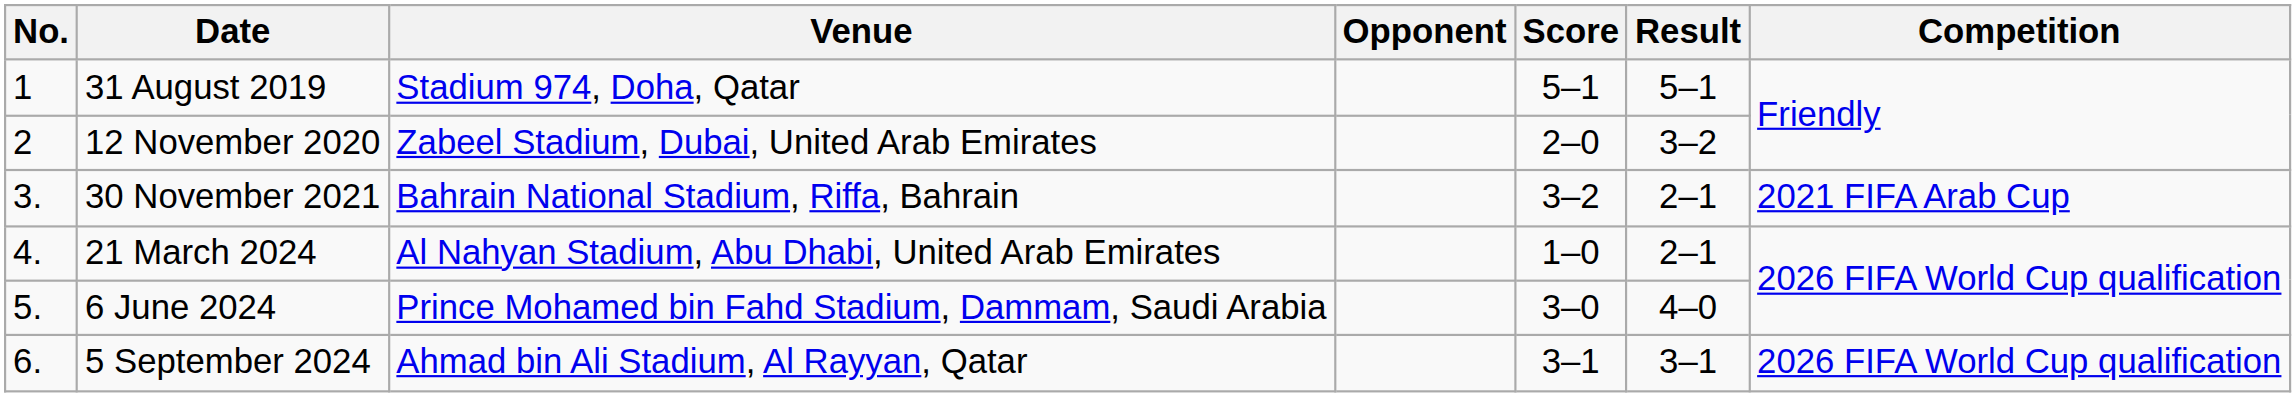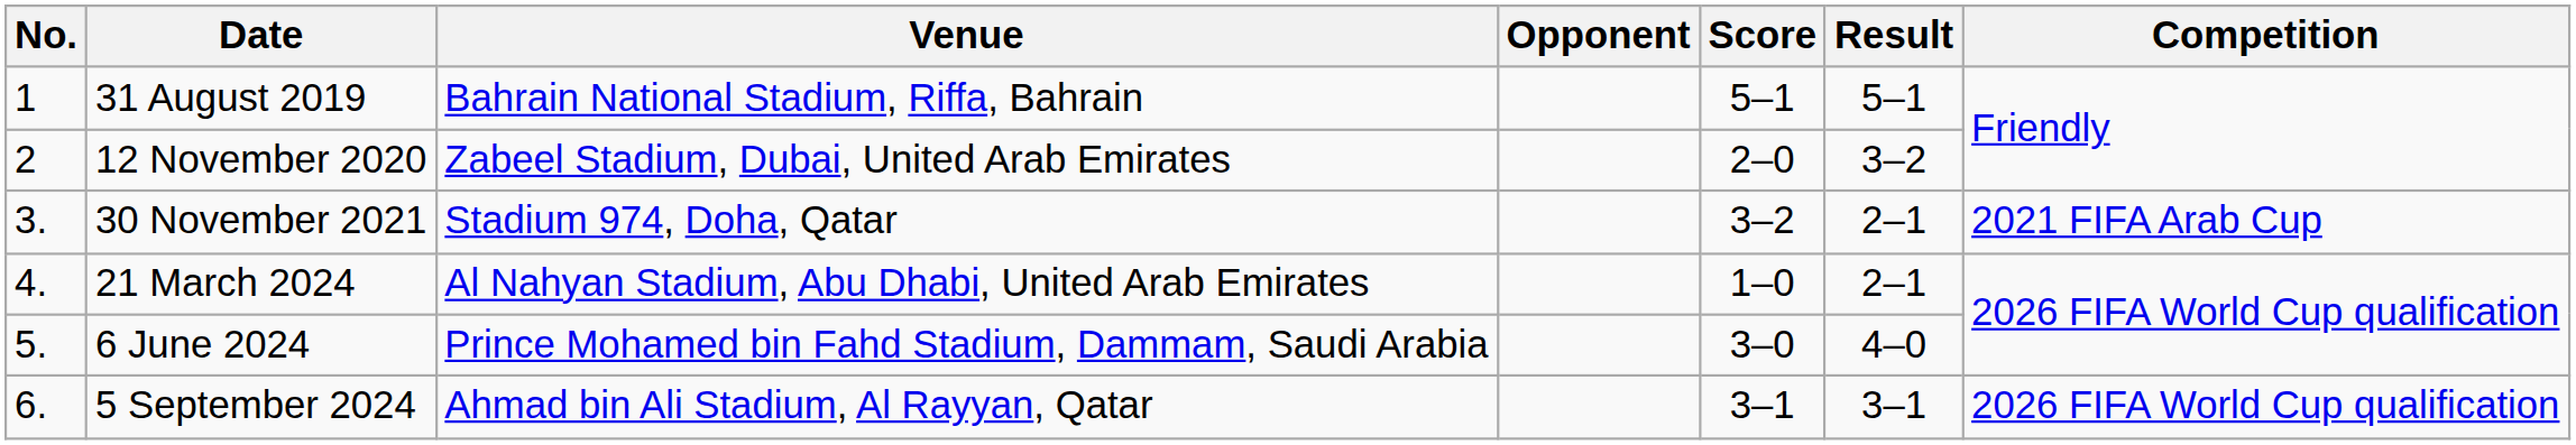 <table class="wikitable">
 <tr>
 <th>No.</th>
 <th>Date</th>
 <th>Venue</th>
 <th>Opponent</th>
 <th>Score</th>
 <th>Result</th>
 <th>Competition</th>
 </tr>
 <tr>
 <td>1</td>
 <td>31 August 2019</td>
-<td><a href='#'>Stadium 974</a>, <a href='#'>Doha</a>, Qatar</td>
+<td><a href='#'>Bahrain National Stadium</a>, <a href='#'>Riffa</a>, Bahrain</td>
 <td></td>
 <td align="center">5–1</td>
 <td align="center">5–1</td>
 <td rowspan=2><a href='#'>Friendly</a></td>
 </tr>
 <tr>
 <td>2</td>
 <td>12 November 2020</td>
 <td><a href='#'>Zabeel Stadium</a>, <a href='#'>Dubai</a>, United Arab Emirates</td>
 <td></td>
 <td align=center>2–0</td>
 <td align="center">3–2</td>
 </tr>
 <tr>
 <td>3.</td>
 <td>30 November 2021</td>
-<td><a href='#'>Bahrain National Stadium</a>, <a href='#'>Riffa</a>, Bahrain</td>
+<td><a href='#'>Stadium 974</a>, <a href='#'>Doha</a>, Qatar</td>
 <td></td>
 <td align="center">3–2</td>
 <td align=center>2–1</td>
 <td><a href='#'>2021 FIFA Arab Cup</a></td>
 </tr>
 <tr>
 <td>4.</td>
 <td>21 March 2024</td>
 <td><a href='#'>Al Nahyan Stadium</a>, <a href='#'>Abu Dhabi</a>, United Arab Emirates</td>
 <td></td>
 <td align=center>1–0</td>
 <td align=center>2–1</td>
 <td rowspan=2><a href='#'>2026 FIFA World Cup qualification</a></td>
 </tr>
 <tr>
 <td>5.</td>
 <td>6 June 2024</td>
 <td><a href='#'>Prince Mohamed bin Fahd Stadium</a>, <a href='#'>Dammam</a>, Saudi Arabia</td>
 <td></td>
 <td align=center>3–0</td>
 <td align=center>4–0</td>
 </tr>
 <tr>
 <td>6.</td>
 <td>5 September 2024</td>
 <td><a href='#'>Ahmad bin Ali Stadium</a>, <a href='#'>Al Rayyan</a>, Qatar</td>
 <td></td>
 <td align=center>3–1</td>
 <td align=center>3–1</td>
 <td rowspan=2><a href='#'>2026 FIFA World Cup qualification</a></td>
 </tr>
 </table>
